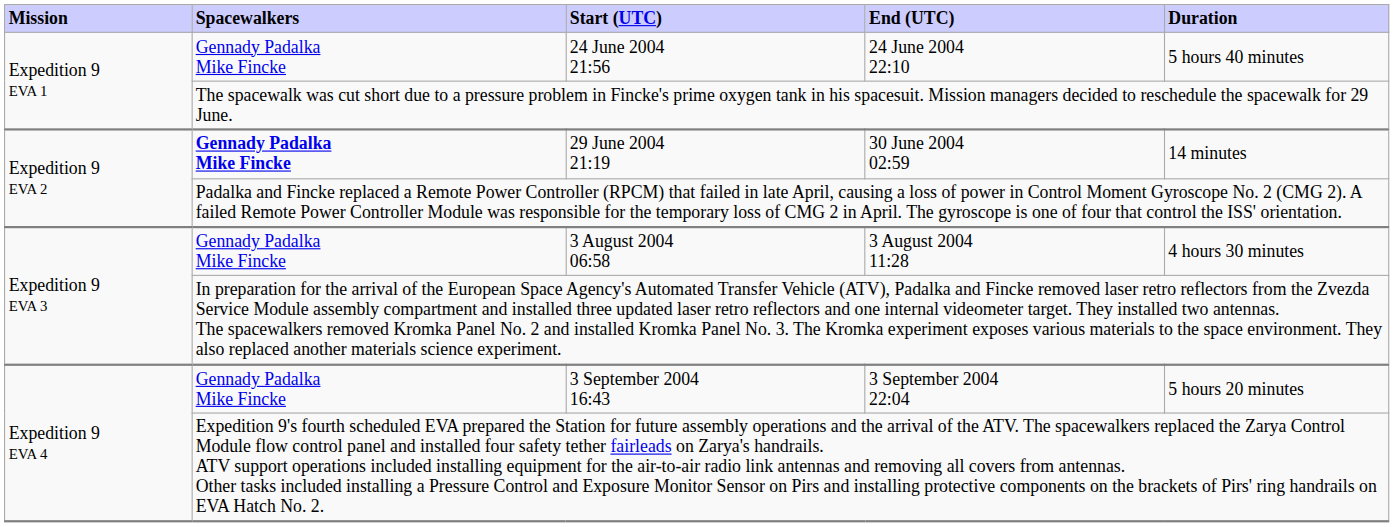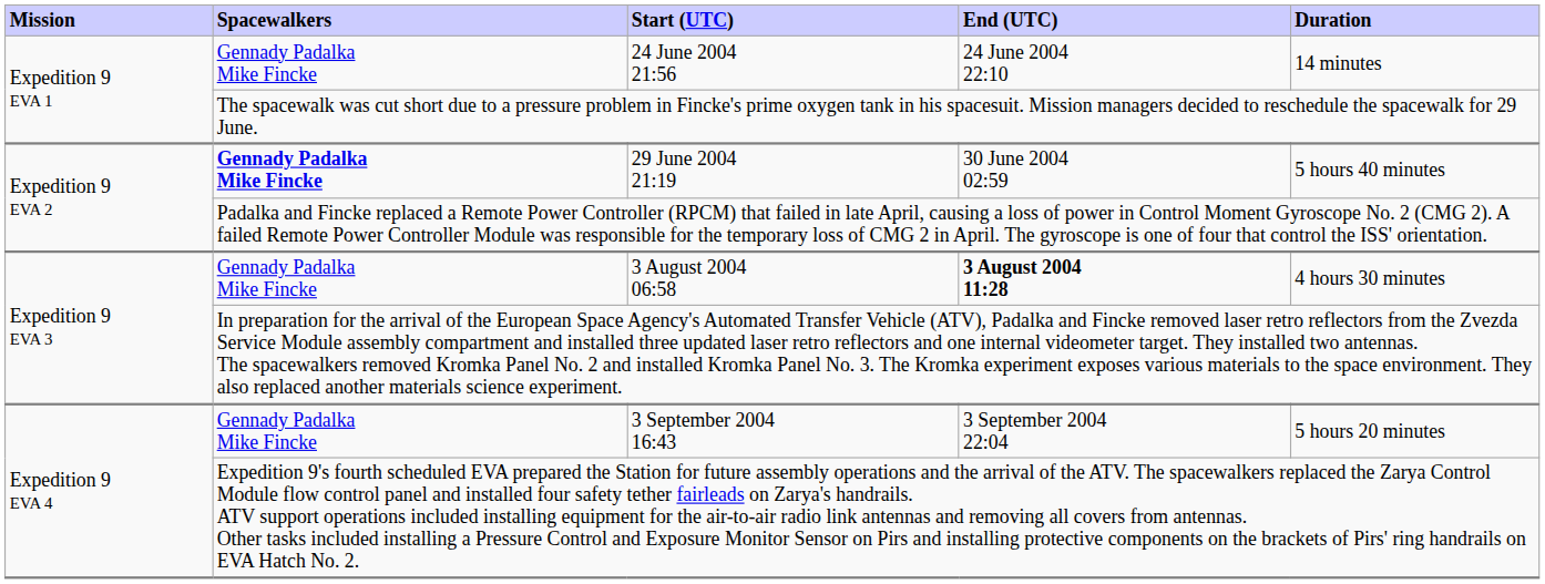 <table class="wikitable">
 <tr>
 <th width="10%" style="background:#ccccff;color:black;text-align:left"><strong>Mission</strong></th>
 <th width="20%" style="background:#ccccff;color:black;text-align:left"><strong>Spacewalkers</strong></th>
 <th width="16%" style="background:#ccccff;color:black;text-align:left"><strong>Start (<a href='#'>UTC</a>)</strong></th>
 <th width="16%" style="background:#ccccff;color:black;text-align:left"><strong>End (UTC)</strong></th>
 <th width="12%" style="background:#ccccff;color:black;text-align:left"><strong>Duration</strong></th>
 </tr>
 <tr>
 <td rowspan=2 style="border-bottom:2px solid grey;">Expedition 9<br><small>EVA 1</small><br></td>
 <td><a href='#'>Gennady Padalka</a> <br> <a href='#'>Mike Fincke</a></td>
 <td>24 June 2004 <br> 21:56</td>
 <td>24 June 2004 <br> 22:10</td>
-<td>5 hours 40 minutes</td>
+<td>14 minutes</td>
 </tr>
 <tr>
 <td colspan=4 style="border-bottom:2px solid grey;">The spacewalk was cut short due to a pressure problem in Fincke's prime oxygen tank in his spacesuit. Mission managers decided to reschedule the spacewalk for 29 June.</td>
 </tr>
 <tr>
 <td rowspan=2 style="border-bottom:2px solid grey;">Expedition 9<br><small>EVA 2</small><br></td>
 <td><strong><a href='#'>Gennady Padalka</a> <br> <a href='#'>Mike Fincke</a></strong></td>
 <td>29 June 2004 <br> 21:19</td>
 <td>30 June 2004 <br> 02:59</td>
-<td>14 minutes</td>
+<td>5 hours 40 minutes</td>
 </tr>
 <tr>
 <td colspan=4 style="border-bottom:2px solid grey;">Padalka and Fincke replaced a Remote Power Controller (RPCM) that failed in late April, causing a loss of power in Control Moment Gyroscope No. 2 (CMG 2). A failed Remote Power Controller Module was responsible for the temporary loss of CMG 2 in April. The gyroscope is one of four that control the ISS' orientation.</td>
 </tr>
 <tr>
 <td rowspan=2 style="border-bottom:2px solid grey;">Expedition 9<br><small>EVA 3</small><br></td>
 <td><a href='#'>Gennady Padalka</a> <br> <a href='#'>Mike Fincke</a></td>
 <td>3 August 2004 <br> 06:58</td>
-<td>3 August 2004 <br> 11:28</td>
+<td><strong>3 August 2004 <br> 11:28</strong></td>
 <td>4 hours 30 minutes</td>
 </tr>
 <tr>
 <td colspan=4 style="border-bottom:2px solid grey;">In preparation for the arrival of the European Space Agency's Automated Transfer Vehicle (ATV), Padalka and Fincke removed laser retro reflectors from the Zvezda Service Module assembly compartment and installed three updated laser retro reflectors and one internal videometer target. They installed two antennas.<br>The spacewalkers removed Kromka Panel No. 2 and installed Kromka Panel No. 3. The Kromka experiment exposes various materials to the space environment. They also replaced another materials science experiment.</td>
 </tr>
 <tr>
 <td rowspan=2 style="border-bottom:2px solid grey;">Expedition 9<br><small>EVA 4</small><br></td>
 <td><a href='#'>Gennady Padalka</a> <br> <a href='#'>Mike Fincke</a></td>
 <td>3 September 2004 <br> 16:43</td>
 <td>3 September 2004 <br> 22:04</td>
 <td>5 hours 20 minutes</td>
 </tr>
 <tr>
 <td colspan=4 style="border-bottom:2px solid grey;">Expedition 9's fourth scheduled EVA prepared the Station for future assembly operations and the arrival of the ATV. The spacewalkers replaced the Zarya Control Module flow control panel and installed four safety tether <a href='#'>fairleads</a> on Zarya's handrails.<br>ATV support operations included installing equipment for the air-to-air radio link antennas and removing all covers from antennas.<br>Other tasks included installing a Pressure Control and Exposure Monitor Sensor on Pirs and installing protective components on the brackets of Pirs' ring handrails on EVA Hatch No. 2.</td>
 </tr>
 </table>
